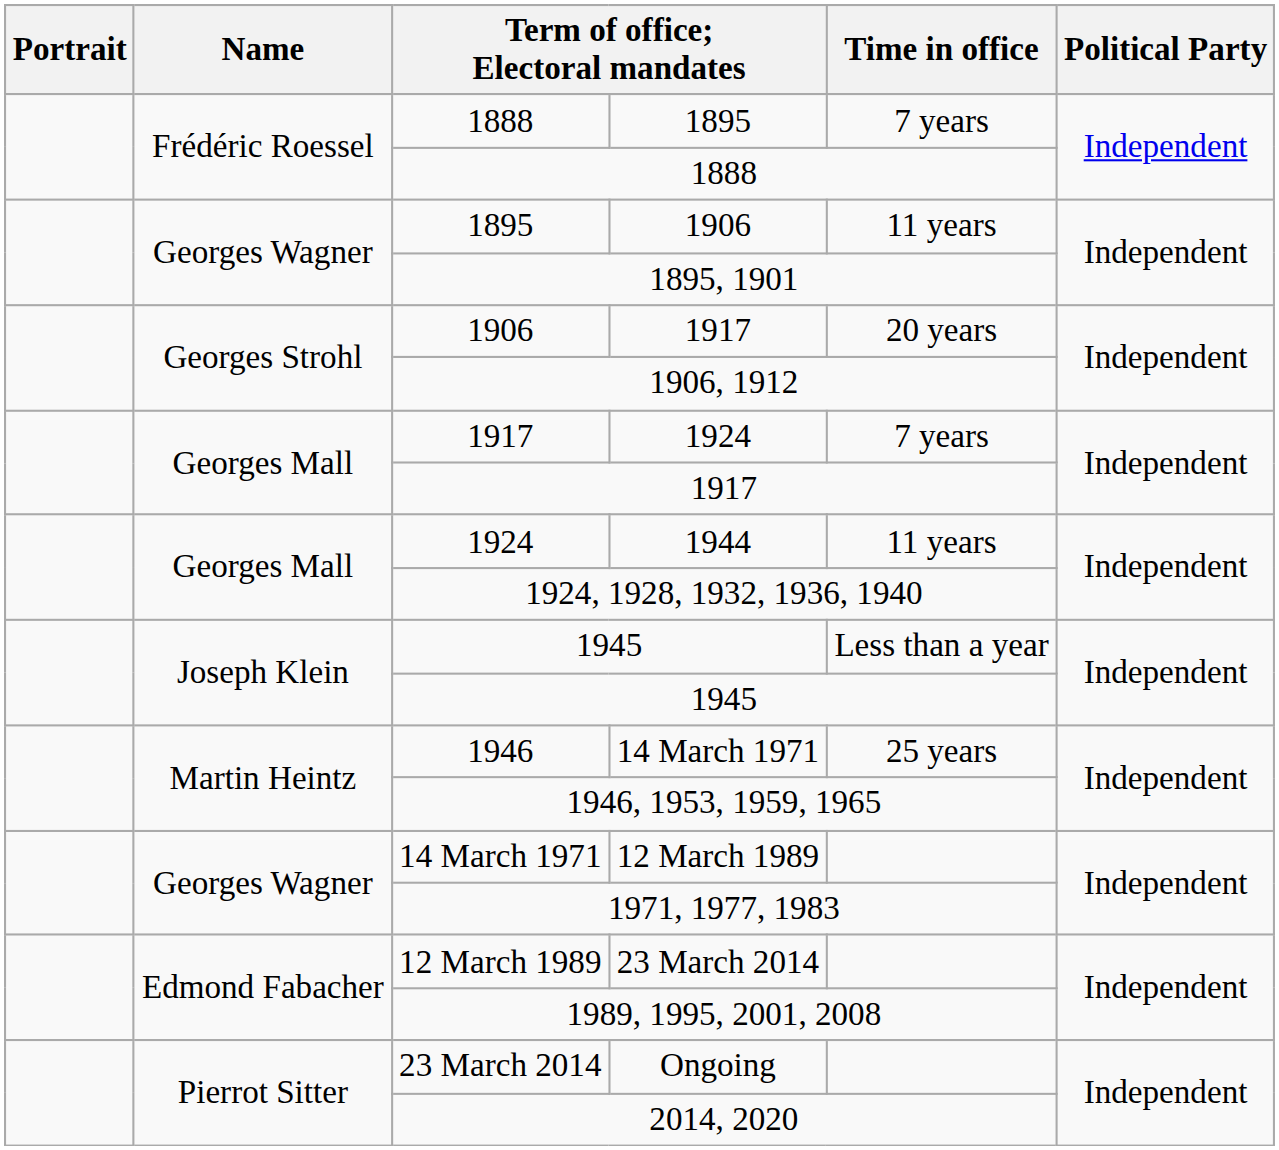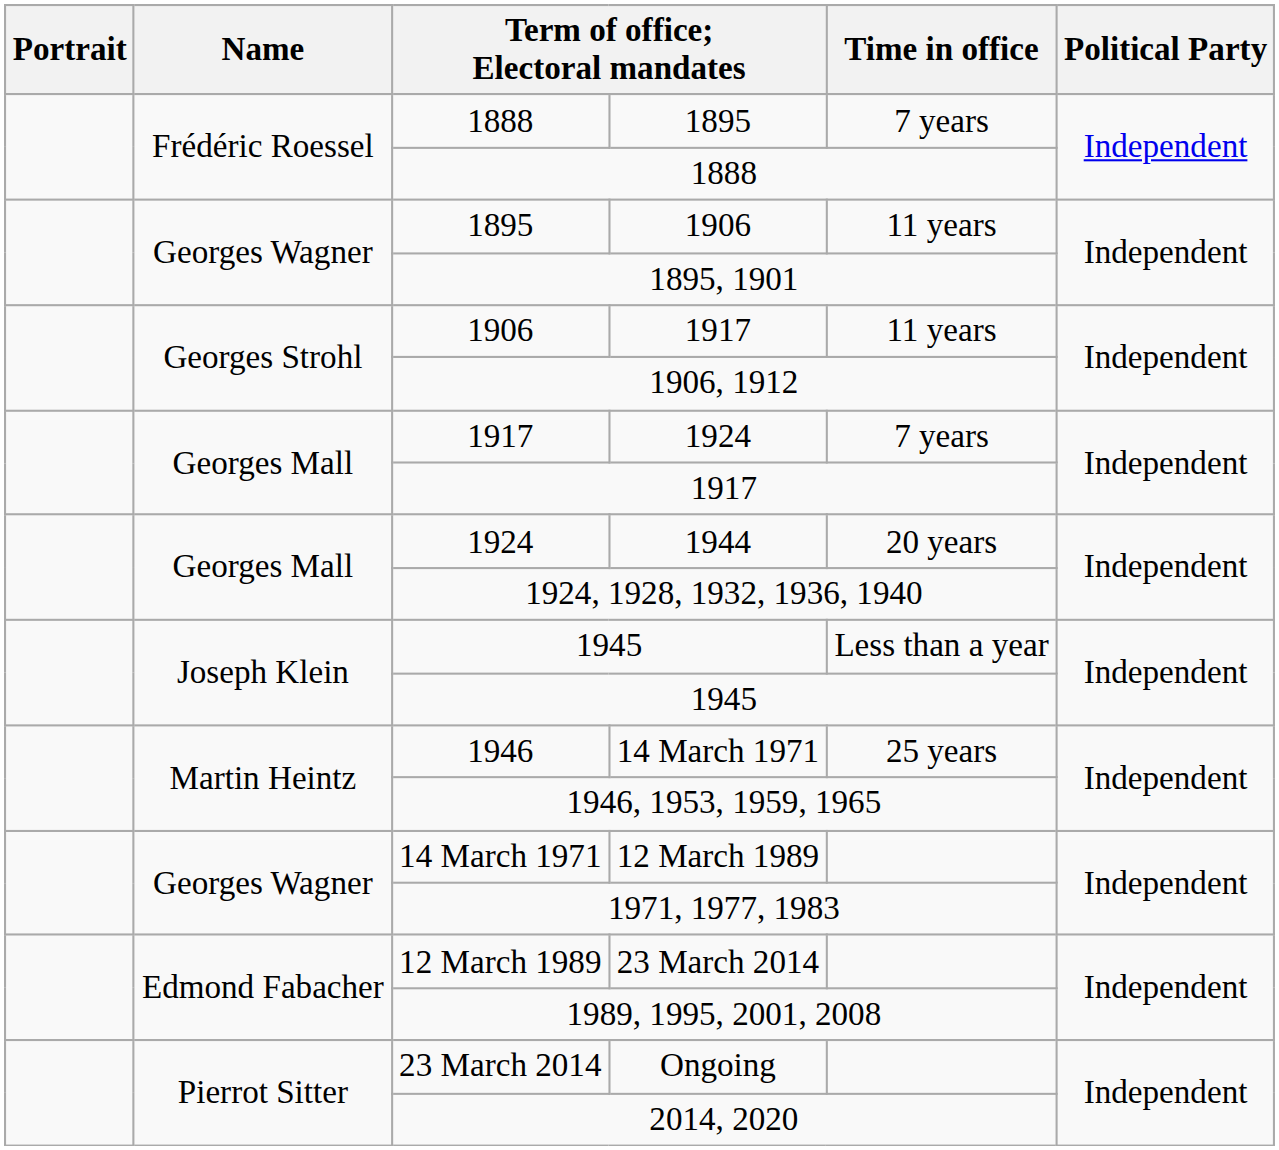 <table class="wikitable" style="text-align:center">
 <tr>
 <th>Portrait</th>
 <th>Name<br></th>
 <th colspan="2">Term of office;<br>Electoral mandates</th>
 <th>Time in office</th>
 <th>Political Party</th>
 </tr>
 <tr>
 <td rowspan="2"></td>
 <td rowspan="2">Frédéric Roessel<br></td>
 <td>1888</td>
 <td>1895</td>
 <td>7 years</td>
 <td rowspan="2"><a href='#'>Independent</a></td>
 </tr>
 <tr>
 <td colspan="3">1888</td>
 </tr>
 <tr>
 <td rowspan="2"></td>
 <td rowspan="2">Georges Wagner</td>
 <td>1895</td>
 <td>1906</td>
 <td>11 years</td>
 <td rowspan="2">Independent</td>
 </tr>
 <tr>
 <td colspan="3">1895, 1901</td>
 </tr>
 <tr>
 <td rowspan="2"></td>
 <td rowspan="2">Georges Strohl<br></td>
 <td>1906</td>
 <td>1917</td>
-<td>20 years</td>
+<td>11 years</td>
 <td rowspan="2">Independent</td>
 </tr>
 <tr>
 <td colspan="3">1906, 1912</td>
 </tr>
 <tr>
 <td rowspan="2"></td>
 <td rowspan="2">Georges Mall<br></td>
 <td>1917</td>
 <td>1924</td>
 <td>7 years</td>
 <td rowspan="2">Independent</td>
 </tr>
 <tr>
 <td colspan="3">1917</td>
 </tr>
 <tr>
 <td rowspan="2"></td>
 <td rowspan="2">Georges Mall<br></td>
 <td>1924</td>
 <td>1944</td>
-<td>11 years</td>
+<td>20 years</td>
 <td rowspan="2">Independent</td>
 </tr>
 <tr>
 <td colspan="3">1924, 1928, 1932, 1936, 1940</td>
 </tr>
 <tr>
 <td rowspan="2"></td>
 <td rowspan="2">Joseph Klein<br></td>
 <td colspan="2" style="text-align:center">1945</td>
 <td>Less than a year</td>
 <td rowspan="2">Independent</td>
 </tr>
 <tr>
 <td colspan="3">1945</td>
 </tr>
 <tr>
 <td rowspan="2"></td>
 <td rowspan="2">Martin Heintz<br></td>
 <td>1946</td>
 <td>14 March 1971</td>
 <td>25 years</td>
 <td rowspan="2">Independent</td>
 </tr>
 <tr>
 <td colspan="3">1946, 1953, 1959, 1965</td>
 </tr>
 <tr>
 <td rowspan="2"></td>
 <td rowspan="2">Georges Wagner<br></td>
 <td>14 March 1971</td>
 <td>12 March 1989</td>
 <td></td>
 <td rowspan="2">Independent</td>
 </tr>
 <tr>
 <td colspan="3">1971, 1977, 1983</td>
 </tr>
 <tr>
 <td rowspan="2"></td>
 <td rowspan="2">Edmond Fabacher<br></td>
 <td>12 March 1989</td>
 <td>23 March 2014</td>
 <td></td>
 <td rowspan="2">Independent</td>
 </tr>
 <tr>
 <td colspan="3">1989, 1995, 2001, 2008</td>
 </tr>
 <tr>
 <td rowspan="2"></td>
 <td rowspan="2">Pierrot Sitter<br></td>
 <td>23 March 2014</td>
 <td>Ongoing</td>
 <td></td>
 <td rowspan="2">Independent</td>
 </tr>
 <tr>
 <td colspan="3">2014, 2020</td>
 </tr>
 </table>
